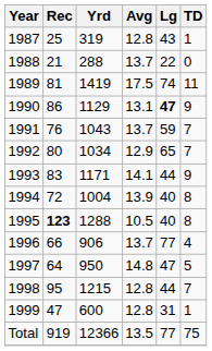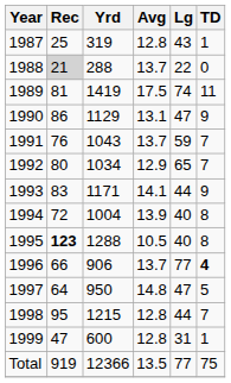 <table class="wikitable">
 <tr>
 <th>Year</th>
 <th>Rec</th>
 <th>Yrd</th>
 <th>Avg</th>
 <th>Lg</th>
 <th>TD</th>
 </tr>
 <tr>
 <td>1987</td>
 <td>25</td>
 <td>319</td>
 <td>12.8</td>
 <td>43</td>
 <td>1</td>
 </tr>
 <tr>
 <td>1988</td>
-<td>21</td>
+<td style="background: lightgrey;">21</td>
 <td>288</td>
 <td>13.7</td>
 <td>22</td>
 <td>0</td>
 </tr>
 <tr>
 <td>1989</td>
 <td>81</td>
 <td>1419</td>
 <td>17.5</td>
 <td>74</td>
 <td>11</td>
 </tr>
 <tr>
 <td>1990</td>
 <td>86</td>
 <td>1129</td>
 <td>13.1</td>
-<td><strong>47</strong></td>
+<td>47</td>
 <td>9</td>
 </tr>
 <tr>
 <td>1991</td>
 <td>76</td>
 <td>1043</td>
 <td>13.7</td>
 <td>59</td>
 <td>7</td>
 </tr>
 <tr>
 <td>1992</td>
 <td>80</td>
 <td>1034</td>
 <td>12.9</td>
 <td>65</td>
 <td>7</td>
 </tr>
 <tr>
 <td>1993</td>
 <td>83</td>
 <td>1171</td>
 <td>14.1</td>
 <td>44</td>
 <td>9</td>
 </tr>
 <tr>
 <td>1994</td>
 <td>72</td>
 <td>1004</td>
 <td>13.9</td>
 <td>40</td>
 <td>8</td>
 </tr>
 <tr>
 <td>1995</td>
 <td><strong>123</strong></td>
 <td>1288</td>
 <td>10.5</td>
 <td>40</td>
 <td>8</td>
 </tr>
 <tr>
 <td>1996</td>
 <td>66</td>
 <td>906</td>
 <td>13.7</td>
 <td>77</td>
-<td>4</td>
+<td><strong>4</strong></td>
 </tr>
 <tr>
 <td>1997</td>
 <td>64</td>
 <td>950</td>
 <td>14.8</td>
 <td>47</td>
 <td>5</td>
 </tr>
 <tr>
 <td>1998</td>
 <td>95</td>
 <td>1215</td>
 <td>12.8</td>
 <td>44</td>
 <td>7</td>
 </tr>
 <tr>
 <td>1999</td>
 <td>47</td>
 <td>600</td>
 <td>12.8</td>
 <td>31</td>
 <td>1</td>
 </tr>
 <tr>
 <td>Total</td>
 <td>919</td>
 <td>12366</td>
 <td>13.5</td>
 <td>77</td>
 <td>75</td>
 </tr>
 <tr>
 </tr>
 </table>
